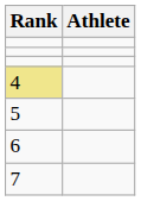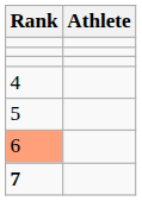 <table class="wikitable" style="text-align:left">
 <tr>
 <th>Rank</th>
 <th>Athlete</th>
 </tr>
 <tr>
 <td></td>
 <td></td>
 </tr>
 <tr>
 <td></td>
 <td></td>
 </tr>
 <tr>
 <td></td>
 <td></td>
 </tr>
 <tr>
-<td style="background: khaki;">4</td>
+<td>4</td>
 <td></td>
 </tr>
 <tr>
 <td>5</td>
 <td></td>
 </tr>
 <tr>
-<td>6</td>
+<td style="background: lightsalmon;">6</td>
 <td></td>
 </tr>
 <tr>
-<td>7</td>
+<td><strong>7</strong></td>
 <td></td>
 </tr>
 </table>
